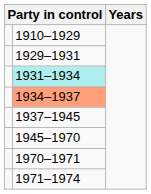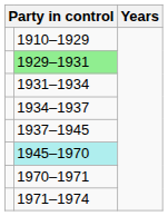 <table class="wikitable">
 <tr>
 <th colspan="2">Party in control</th>
 <th>Years</th>
 </tr>
 <tr>
 <td></td>
 <td>1910–1929</td>
 </tr>
 <tr>
 <td></td>
-<td>1929–1931</td>
+<td style="background: lightgreen;">1929–1931</td>
 </tr>
 <tr>
 <td></td>
-<td style="background: paleturquoise;">1931–1934</td>
+<td>1931–1934</td>
 </tr>
 <tr>
 <td></td>
-<td style="background: lightsalmon;">1934–1937</td>
+<td>1934–1937</td>
 </tr>
 <tr>
 <td></td>
 <td>1937–1945</td>
 </tr>
 <tr>
 <td></td>
-<td>1945–1970</td>
+<td style="background: paleturquoise;">1945–1970</td>
 </tr>
 <tr>
 <td></td>
 <td>1970–1971</td>
 </tr>
 <tr>
 <td></td>
 <td>1971–1974</td>
 </tr>
 </table>
